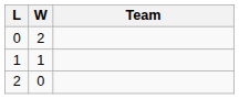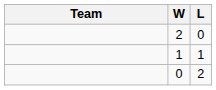 <table class="wikitable" style="text-align:center">
 <tr>
+<th width=200>Team</th>
+<th width=20>W</th>
 <th width=20>L</th>
-<th width=20>W</th>
-<th width=200>Team</th>
 </tr>
 <tr>
+<td style="text-align:left;"></td>
+<td>2</td>
+<td>0</td>
+</tr>
+<tr>
+<td style="text-align:left;"></td>
+<td>1</td>
+<td>1</td>
+</tr>
+<tr>
+<td style="text-align:left;"></td>
 <td>0</td>
 <td>2</td>
-<td style="text-align:left;"></td>
-</tr>
-<tr>
-<td>1</td>
-<td>1</td>
-<td style="text-align:left;"></td>
-</tr>
-<tr>
-<td>2</td>
-<td>0</td>
-<td style="text-align:left;"></td>
 </tr>
 </table>
